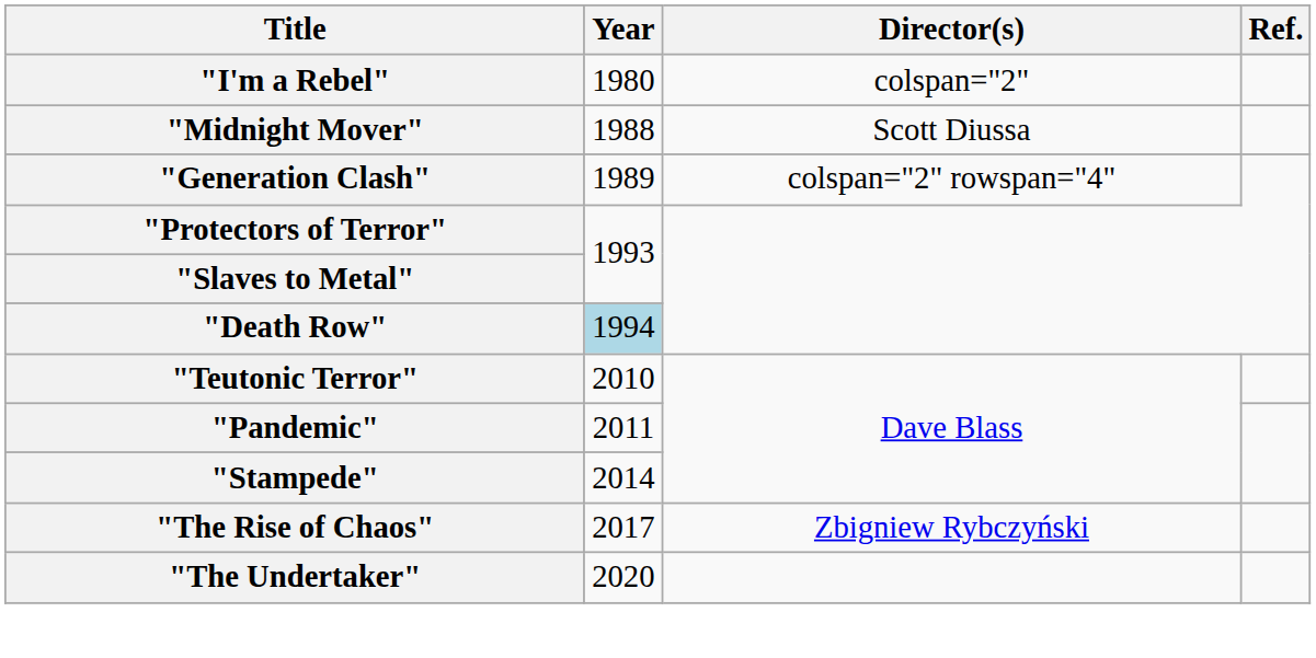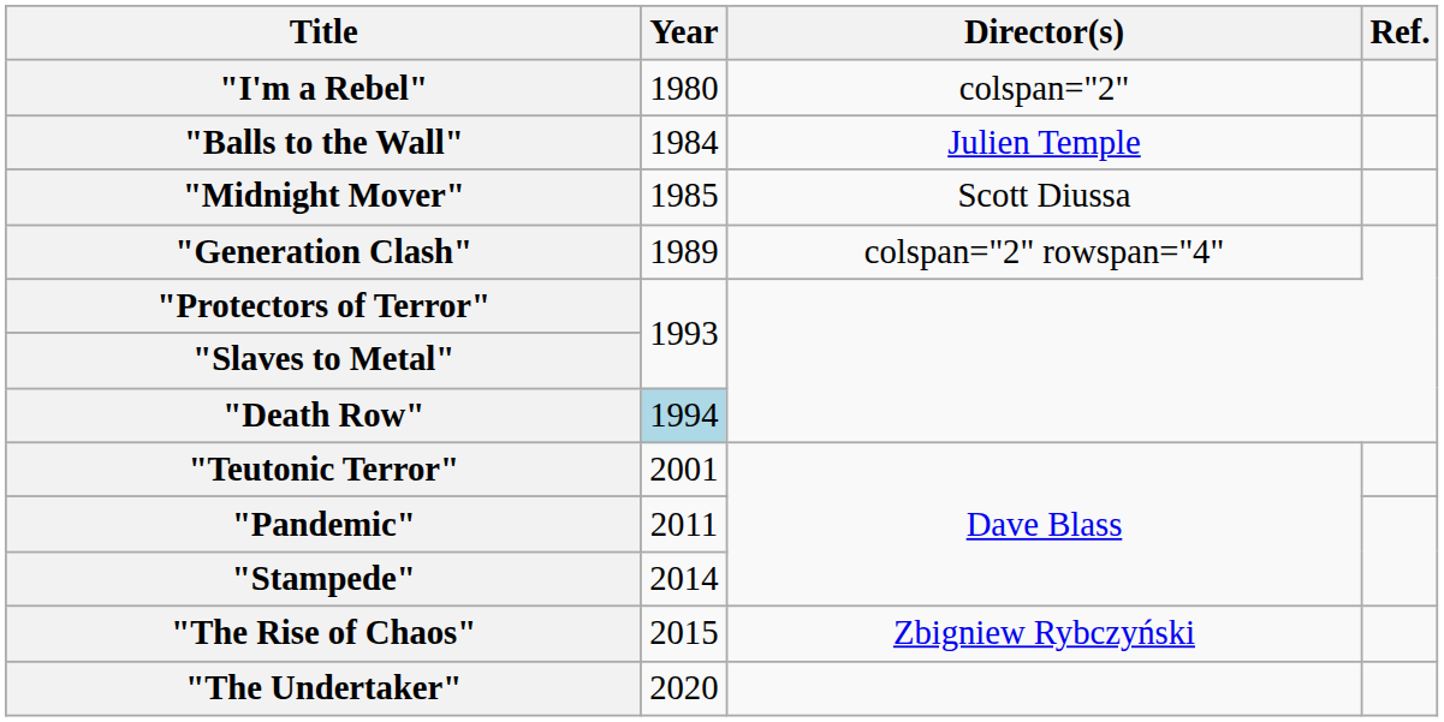 <table class="wikitable plainrowheaders" style="text-align:center;">
 <tr>
 <th scope="col" style="width:18em;">Title</th>
 <th scope="col">Year</th>
 <th scope="col" style="width:18em;">Director(s)</th>
 <th scope="col">Ref.</th>
 </tr>
 <tr>
 <th scope="row">"I'm a Rebel"</th>
 <td>1980</td>
 <td>colspan="2" </td>
 </tr>
 <tr>
+<th scope="row">"Balls to the Wall"</th>
+<td>1984</td>
+<td><a href='#'>Julien Temple</a></td>
+<td></td>
+</tr>
+<tr>
 <th scope="row">"Midnight Mover"</th>
-<td>1988</td>
+<td>1985</td>
 <td>Scott Diussa</td>
 <td></td>
 </tr>
 <tr>
 <th scope="row">"Generation Clash"</th>
 <td>1989</td>
 <td>colspan="2" rowspan="4" </td>
 </tr>
 <tr>
 <th scope="row">"Protectors of Terror"</th>
 <td rowspan="2">1993</td>
 </tr>
 <tr>
 <th scope="row">"Slaves to Metal"</th>
 </tr>
 <tr>
 <th scope="row">"Death Row"</th>
 <td style="background: lightblue;">1994</td>
 </tr>
 <tr>
 <th scope="row">"Teutonic Terror"</th>
-<td>2010</td>
+<td>2001</td>
 <td rowspan="3"><a href='#'>Dave Blass</a></td>
 <td></td>
 </tr>
 <tr>
 <th scope="row">"Pandemic"</th>
 <td>2011</td>
 <td rowspan="2"></td>
 </tr>
 <tr>
 <th scope="row">"Stampede"</th>
 <td>2014</td>
 </tr>
 <tr>
 <th scope="row">"The Rise of Chaos"</th>
-<td>2017</td>
+<td>2015</td>
 <td><a href='#'>Zbigniew Rybczyński</a></td>
 <td></td>
 </tr>
 <tr>
 <th scope="row">"The Undertaker"</th>
 <td>2020</td>
 <td></td>
 <td></td>
 </tr>
 </table>
